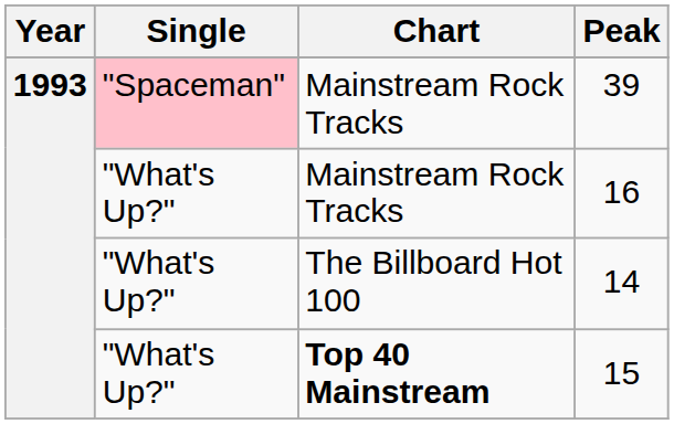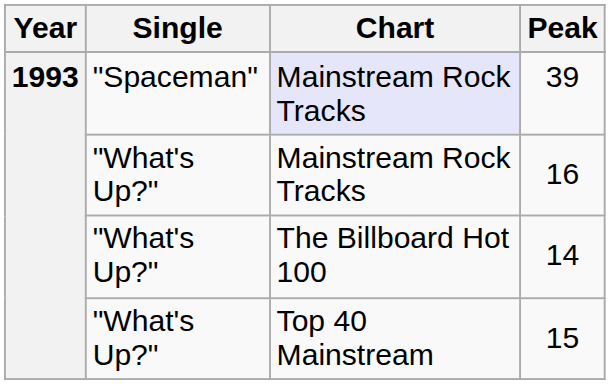 <table class="wikitable" width="320px">
 <tr>
 <th>Year</th>
 <th>Single</th>
 <th>Chart</th>
 <th>Peak</th>
 </tr>
 <tr>
 </tr>
 <tr valign=top>
 <th rowspan="4">1993</th>
-<td style="background: pink;">"Spaceman"</td>
-<td>Mainstream Rock Tracks</td>
+<td>"Spaceman"</td>
+<td style="background: lavender;">Mainstream Rock Tracks</td>
 <td align="center">39</td>
 </tr>
 <tr>
 <td>"What's Up?"</td>
 <td>Mainstream Rock Tracks</td>
 <td align="center">16</td>
 </tr>
 <tr>
 <td>"What's Up?"</td>
 <td>The Billboard Hot 100</td>
 <td align="center">14</td>
 </tr>
 <tr>
 <td>"What's Up?"</td>
-<td><strong>Top 40 Mainstream</strong></td>
+<td>Top 40 Mainstream</td>
 <td align="center">15</td>
 </tr>
 </table>
